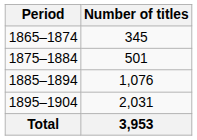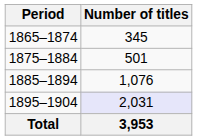 <table class=wikitable style="float:right;clear:right; margin:0 0 0.5em 1em;">
 <tr>
 <th>Period</th>
 <th>Number of titles</th>
 </tr>
 <tr>
 <td>1865–1874</td>
 <td align=center>345</td>
 </tr>
 <tr>
 <td>1875–1884</td>
 <td align=center>501</td>
 </tr>
 <tr>
 <td>1885–1894</td>
 <td align=center>1,076</td>
 </tr>
 <tr>
 <td>1895–1904</td>
-<td align=center>2,031</td>
+<td align=center style="background: lavender;">2,031</td>
 </tr>
 <tr>
 <th>Total</th>
 <th>3,953</th>
 </tr>
 </table>
